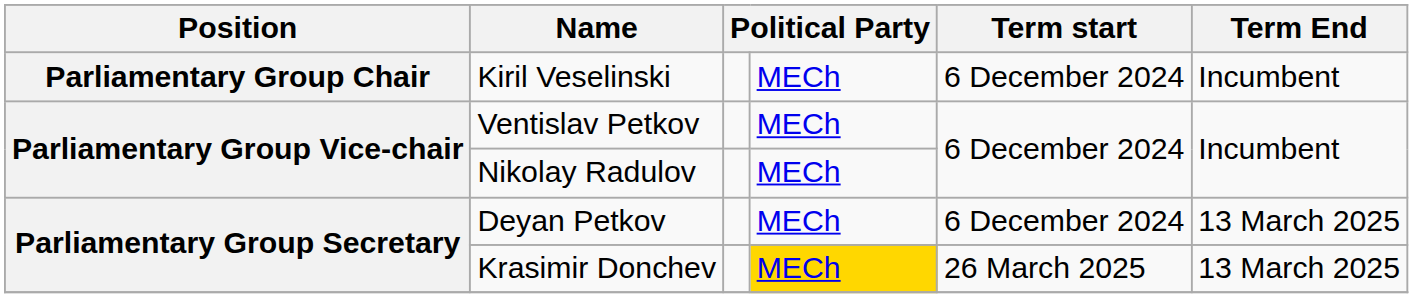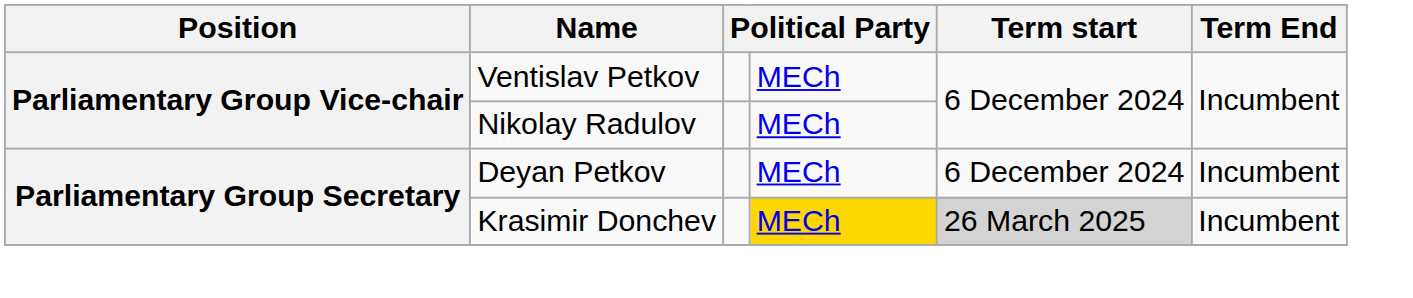 <table class="wikitable plainrowheaders">
 <tr>
 <th>Position</th>
 <th>Name</th>
 <th colspan="2">Political Party</th>
 <th>Term start</th>
 <th>Term End</th>
-</tr>
-<tr>
-<th>Parliamentary Group Chair</th>
-<td>Kiril Veselinski</td>
-<td style="background:"></td>
-<td><a href='#'>MECh</a></td>
-<td>6 December 2024</td>
-<td>Incumbent</td>
 </tr>
 <tr>
 <th rowspan ="2">Parliamentary Group Vice-chair</th>
 <td>Ventislav Petkov</td>
 <td style="background:"></td>
 <td><a href='#'>MECh</a></td>
 <td rowspan ="2">6 December 2024</td>
 <td rowspan ="2">Incumbent</td>
 </tr>
 <tr>
 <td>Nikolay Radulov</td>
 <td style="background:"></td>
 <td><a href='#'>MECh</a></td>
 </tr>
 <tr>
 <th rowspan ="2">Parliamentary Group Secretary</th>
 <td>Deyan Petkov</td>
 <td style="background:"></td>
 <td><a href='#'>MECh</a></td>
 <td>6 December 2024</td>
-<td>13 March 2025</td>
+<td>Incumbent</td>
 </tr>
 <tr>
 <td>Krasimir Donchev</td>
 <td style="background:"></td>
 <td style="background: gold;"><a href='#'>MECh</a></td>
-<td>26 March 2025</td>
-<td>13 March 2025</td>
+<td style="background: lightgrey;">26 March 2025</td>
+<td>Incumbent</td>
 </tr>
 <tr>
 </tr>
 </table>
